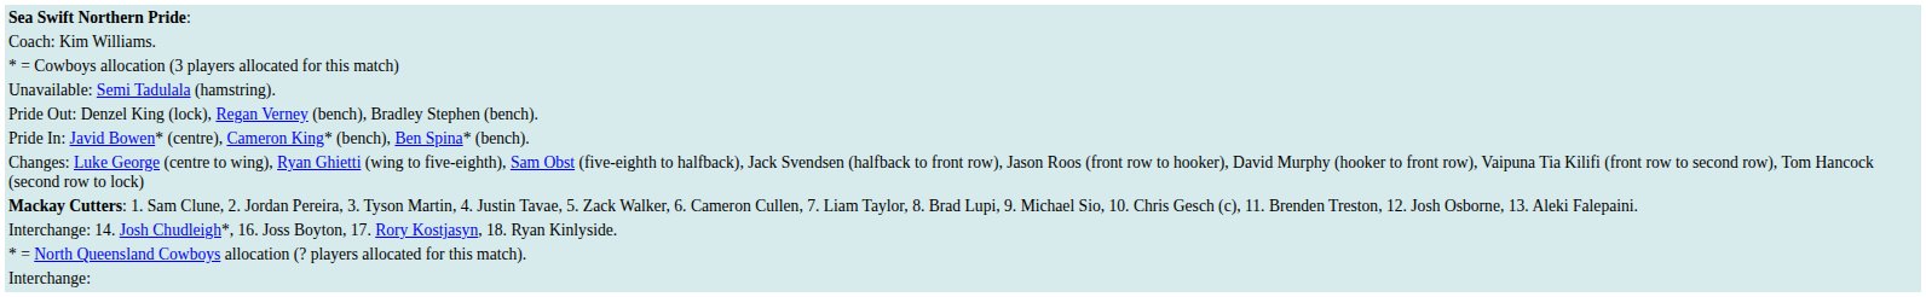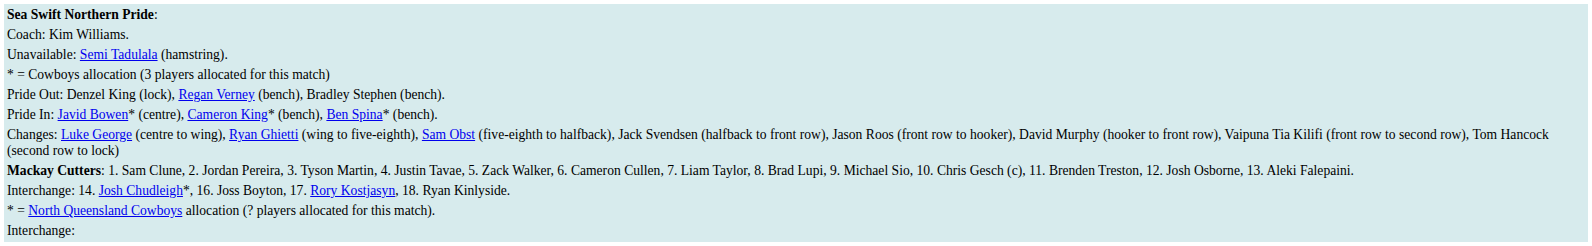 <table style="background:#d7ebed; font-size:85%; width:100%;">
 <tr>
 <td><strong>Sea Swift Northern Pride</strong>:             </td>
 </tr>
 <tr>
 <td>Coach: Kim Williams.</td>
 </tr>
 <tr>
-<td>* = Cowboys allocation (3 players allocated for this match)</td>
+<td>Unavailable: <a href='#'>Semi Tadulala</a> (hamstring).</td>
 </tr>
 <tr>
-<td>Unavailable: <a href='#'>Semi Tadulala</a> (hamstring).</td>
+<td>* = Cowboys allocation (3 players allocated for this match)</td>
 </tr>
 <tr>
 <td>Pride Out: Denzel King (lock), <a href='#'>Regan Verney</a> (bench), Bradley Stephen (bench).</td>
 </tr>
 <tr>
 <td>Pride In: <a href='#'>Javid Bowen</a>* (centre), <a href='#'>Cameron King</a>* (bench), <a href='#'>Ben Spina</a>* (bench).</td>
 </tr>
 <tr>
 <td>Changes: <a href='#'>Luke George</a> (centre to wing), <a href='#'>Ryan Ghietti</a> (wing to five-eighth), <a href='#'>Sam Obst</a> (five-eighth to halfback), Jack Svendsen (halfback to front row), Jason Roos (front row to hooker), David Murphy (hooker to front row), Vaipuna Tia Kilifi (front row to second row), Tom Hancock (second row to lock)</td>
 </tr>
 <tr>
 <td><strong>Mackay Cutters</strong>:  1. Sam Clune, 2. Jordan Pereira, 3. Tyson Martin, 4. Justin Tavae, 5. Zack Walker, 6. Cameron Cullen, 7. Liam Taylor, 8. Brad Lupi, 9. Michael Sio, 10. Chris Gesch (c), 11. Brenden Treston, 12. Josh Osborne, 13. Aleki Falepaini.</td>
 </tr>
 <tr>
 <td>Interchange: 14. <a href='#'>Josh Chudleigh</a>*, 16. Joss Boyton, 17. <a href='#'>Rory Kostjasyn</a>, 18. Ryan Kinlyside.</td>
 </tr>
 <tr>
 <td>* = <a href='#'>North Queensland Cowboys</a> allocation (? players allocated for this match).</td>
 </tr>
 <tr>
 <td>Interchange:   </td>
 </tr>
 </table>
